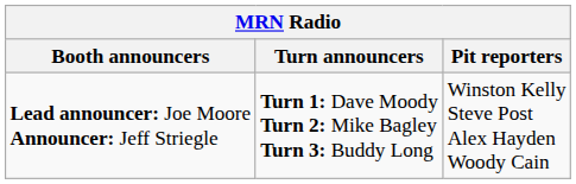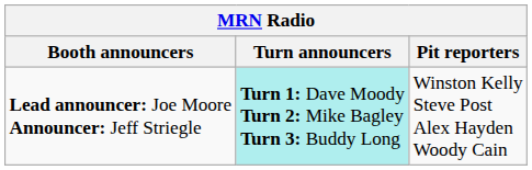 <table class="wikitable" style="font-size: 95%;">
 <tr>
 <th colspan="3"><a href='#'>MRN</a> Radio</th>
 </tr>
 <tr>
 <th>Booth announcers</th>
 <th>Turn announcers</th>
 <th>Pit reporters</th>
 </tr>
 <tr>
 <td><strong>Lead announcer:</strong> Joe Moore<br><strong>Announcer:</strong> Jeff Striegle</td>
-<td><strong>Turn 1:</strong> Dave Moody<br><strong>Turn 2:</strong> Mike Bagley<br><strong>Turn 3:</strong> Buddy Long</td>
+<td style="background: paleturquoise;"><strong>Turn 1:</strong> Dave Moody<br><strong>Turn 2:</strong> Mike Bagley<br><strong>Turn 3:</strong> Buddy Long</td>
 <td>Winston Kelly<br>Steve Post<br>Alex Hayden<br>Woody Cain</td>
 </tr>
 </table>
